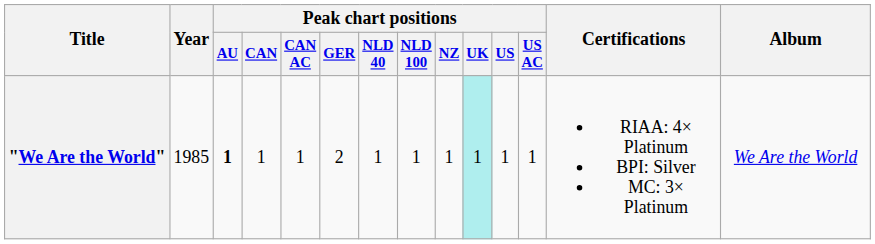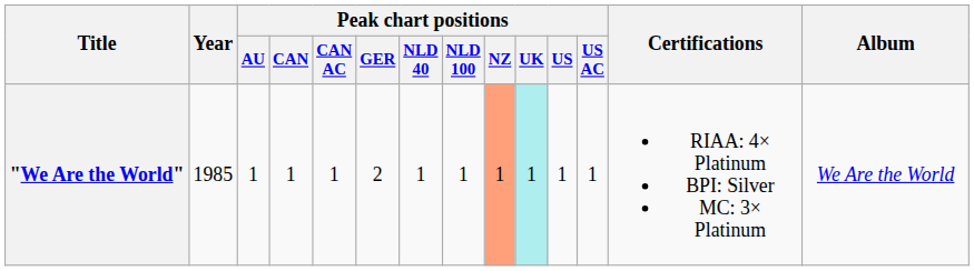 <table class="wikitable plainrowheaders" style="text-align:center;">
 <tr>
 <th scope="col" rowspan="2">Title</th>
 <th scope="col" rowspan="2">Year</th>
 <th colspan="10" width="195">Peak chart positions</th>
 <th rowspan="2" width="150">Certifications</th>
 <th rowspan="2" width="127">Album</th>
 </tr>
 <tr style="font-size:smaller;">
 <th width="15"><a href='#'>AU</a><br></th>
 <th width="15"><a href='#'>CAN</a><br></th>
 <th width="15"><a href='#'>CAN<br>AC</a><br></th>
 <th width="15"><a href='#'>GER</a><br></th>
 <th width="15"><a href='#'>NLD<br>40</a><br></th>
 <th width="15"><a href='#'>NLD<br>100</a><br></th>
 <th width="15"><a href='#'>NZ</a><br></th>
 <th width="15"><a href='#'>UK</a><br></th>
 <th width="15"><a href='#'>US</a><br></th>
 <th width="15"><a href='#'>US<br>AC</a><br></th>
 </tr>
 <tr>
 <th scope="row">"<a href='#'>We Are the World</a>"<br></th>
 <td>1985</td>
-<td><strong>1</strong></td>
+<td>1</td>
 <td>1</td>
 <td>1</td>
 <td>2</td>
 <td>1</td>
 <td>1</td>
-<td>1</td>
+<td style="background: lightsalmon;">1</td>
 <td style="background: paleturquoise;">1</td>
 <td>1</td>
 <td>1</td>
 <td><br><ul><li>RIAA: 4× Platinum</li><li>BPI: Silver</li><li>MC: 3× Platinum</li></ul></td>
 <td><em><a href='#'>We Are the World</a></em></td>
 </tr>
 </table>
